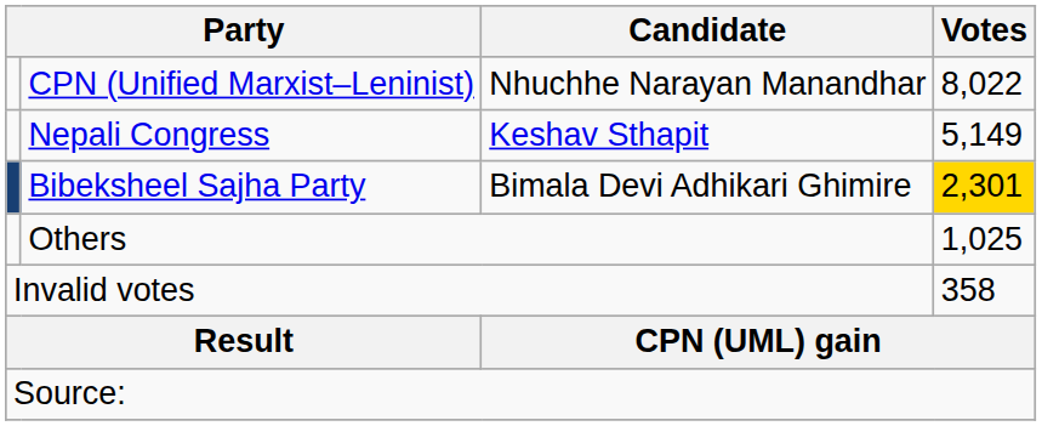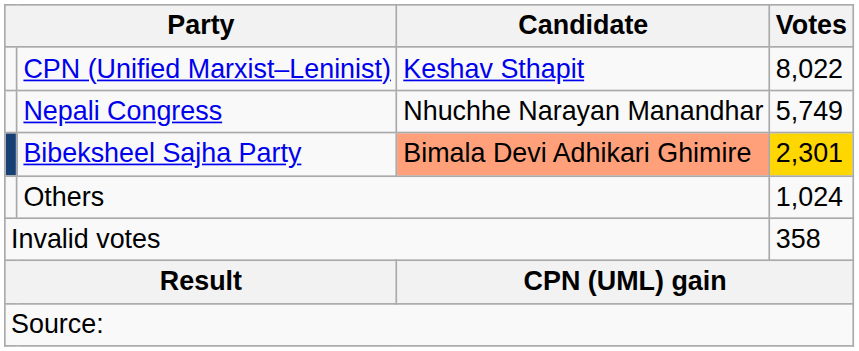 <table class="wikitable">
 <tr>
 <th colspan="2">Party</th>
 <th>Candidate</th>
 <th>Votes</th>
 </tr>
 <tr>
 <td style="background-color:"></td>
 <td><a href='#'>CPN (Unified Marxist–Leninist)</a></td>
-<td>Nhuchhe Narayan Manandhar</td>
+<td><a href='#'>Keshav Sthapit</a></td>
 <td>8,022</td>
 </tr>
 <tr>
 <td style="background-color:"></td>
 <td><a href='#'>Nepali Congress</a></td>
-<td><a href='#'>Keshav Sthapit</a></td>
-<td>5,149</td>
+<td>Nhuchhe Narayan Manandhar</td>
+<td>5,749</td>
 </tr>
 <tr>
 <td style="background-color:#183F73"></td>
 <td><a href='#'>Bibeksheel Sajha Party</a></td>
-<td>Bimala Devi Adhikari Ghimire</td>
+<td style="background: lightsalmon;">Bimala Devi Adhikari Ghimire</td>
 <td style="background: gold;">2,301</td>
 </tr>
 <tr>
 <td></td>
 <td colspan="2">Others</td>
-<td>1,025</td>
+<td>1,024</td>
 </tr>
 <tr>
 <td colspan="3">Invalid votes</td>
 <td>358</td>
 </tr>
 <tr>
 <th colspan="2">Result</th>
 <th colspan="2">CPN (UML) gain</th>
 </tr>
 <tr>
 <td colspan="4">Source: </td>
 </tr>
 </table>
